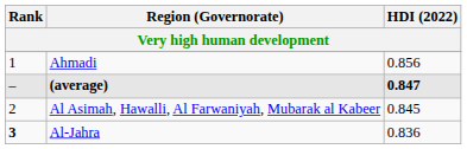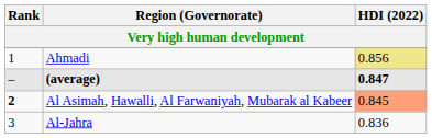 <table class="wikitable sortable">
 <tr>
 <th class="sort">Rank</th>
 <th class="sort">Region (Governorate)</th>
 <th class="sort">HDI (2022)</th>
 </tr>
 <tr>
 <th colspan="5" style="color:#090;" align="center"><strong>Very high human development</strong></th>
 </tr>
 <tr>
 </tr>
 <tr>
 <td>1</td>
 <td><a href='#'>Ahmadi</a></td>
-<td>0.856</td>
+<td style="background: khaki;">0.856</td>
 </tr>
 <tr style="background:#e6e6e6">
 <td>–</td>
 <td><strong> (average)</strong></td>
 <td><strong>0.847</strong></td>
 </tr>
 <tr>
-<td>2</td>
+<td><strong>2</strong></td>
 <td><a href='#'>Al Asimah</a>, <a href='#'>Hawalli</a>, <a href='#'>Al Farwaniyah</a>, <a href='#'>Mubarak al Kabeer</a></td>
-<td>0.845</td>
+<td style="background: lightsalmon;">0.845</td>
 </tr>
 <tr>
-<td><strong>3</strong></td>
+<td>3</td>
 <td><a href='#'>Al-Jahra</a></td>
 <td>0.836</td>
 </tr>
 </table>
